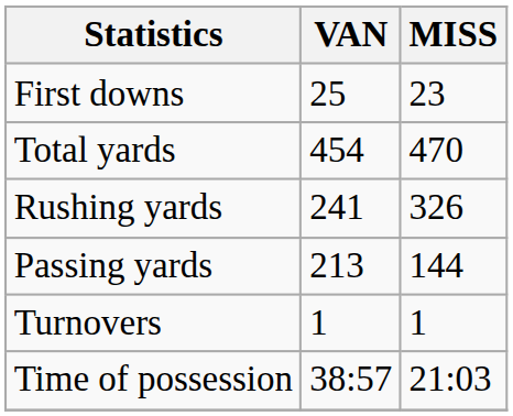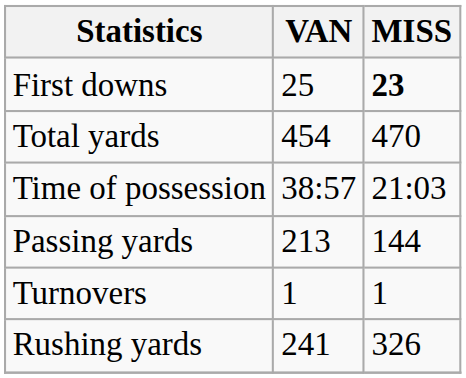 <table class="wikitable" style="float: left;">
 <tr>
 <th>Statistics</th>
 <th>VAN</th>
 <th>MISS</th>
 </tr>
 <tr>
 <td>First downs</td>
 <td>25</td>
-<td>23</td>
+<td><strong>23</strong></td>
 </tr>
 <tr>
 <td>Total yards</td>
 <td>454</td>
 <td>470</td>
 </tr>
 <tr>
-<td>Rushing yards</td>
-<td>241</td>
-<td>326</td>
+<td>Time of possession</td>
+<td>38:57</td>
+<td>21:03</td>
 </tr>
 <tr>
 <td>Passing yards</td>
 <td>213</td>
 <td>144</td>
 </tr>
 <tr>
 <td>Turnovers</td>
 <td>1</td>
 <td>1</td>
 </tr>
 <tr>
-<td>Time of possession</td>
-<td>38:57</td>
-<td>21:03</td>
+<td>Rushing yards</td>
+<td>241</td>
+<td>326</td>
 </tr>
 <tr>
 </tr>
 </table>
